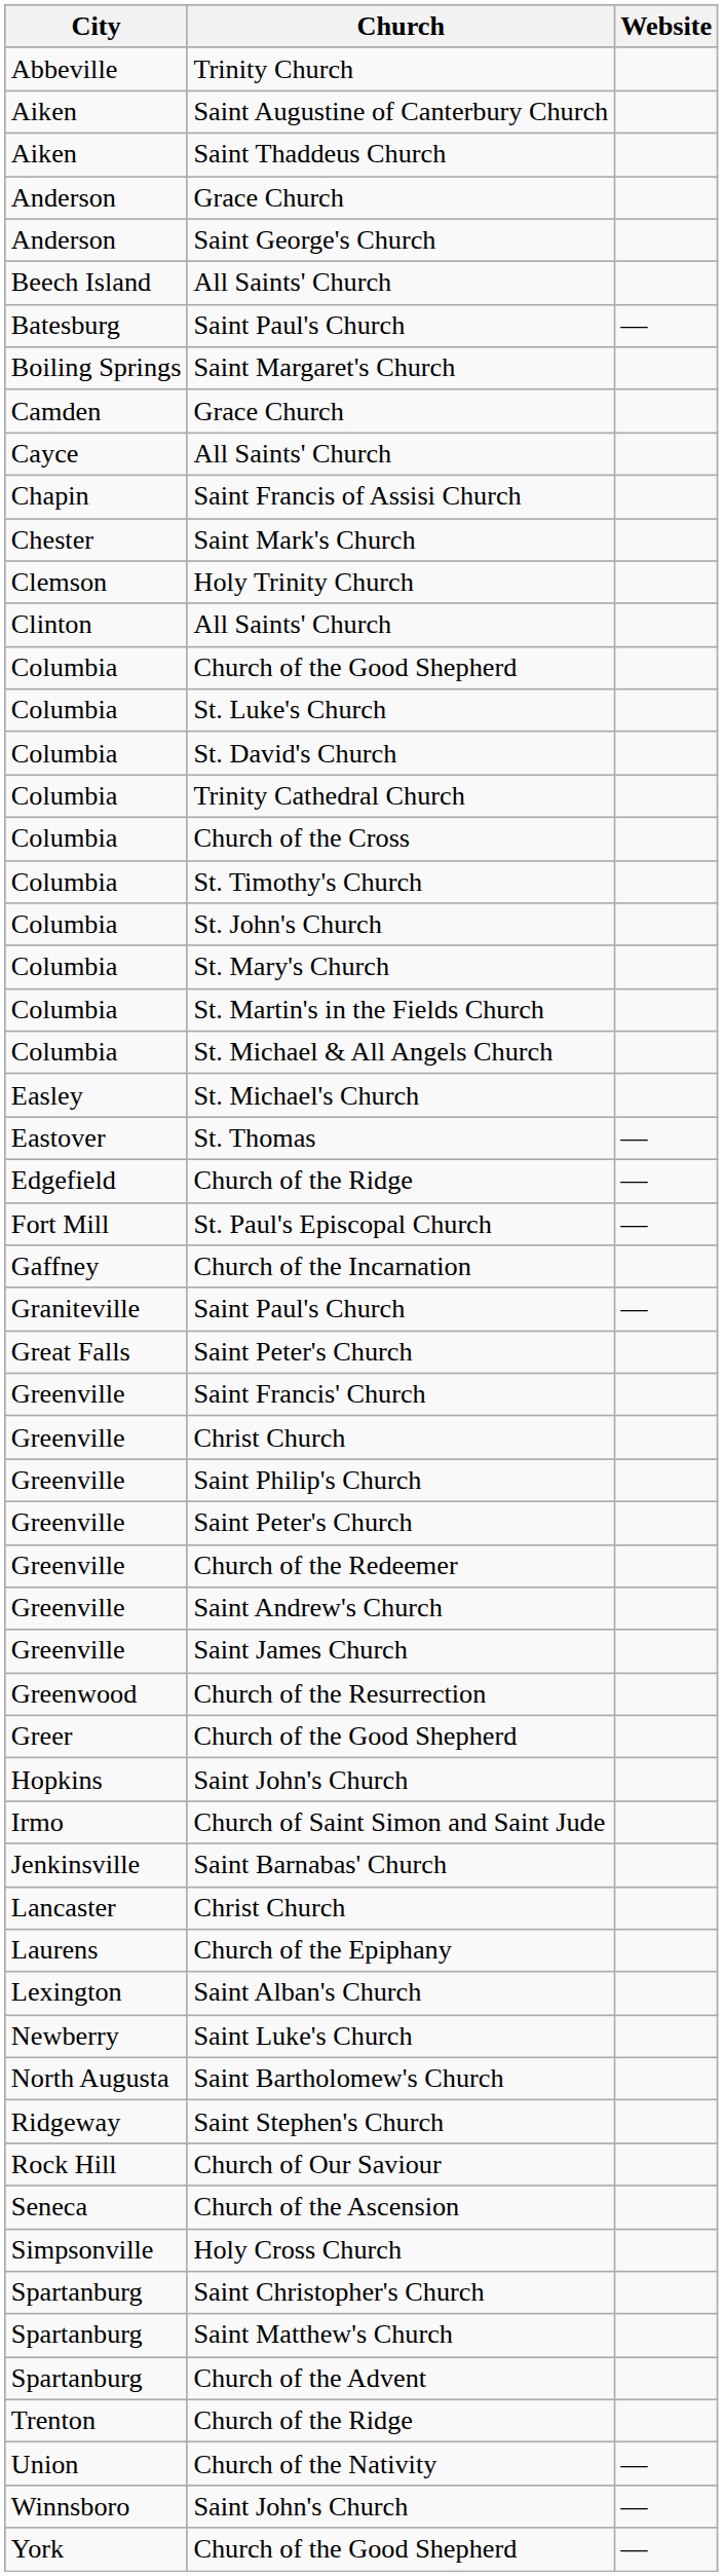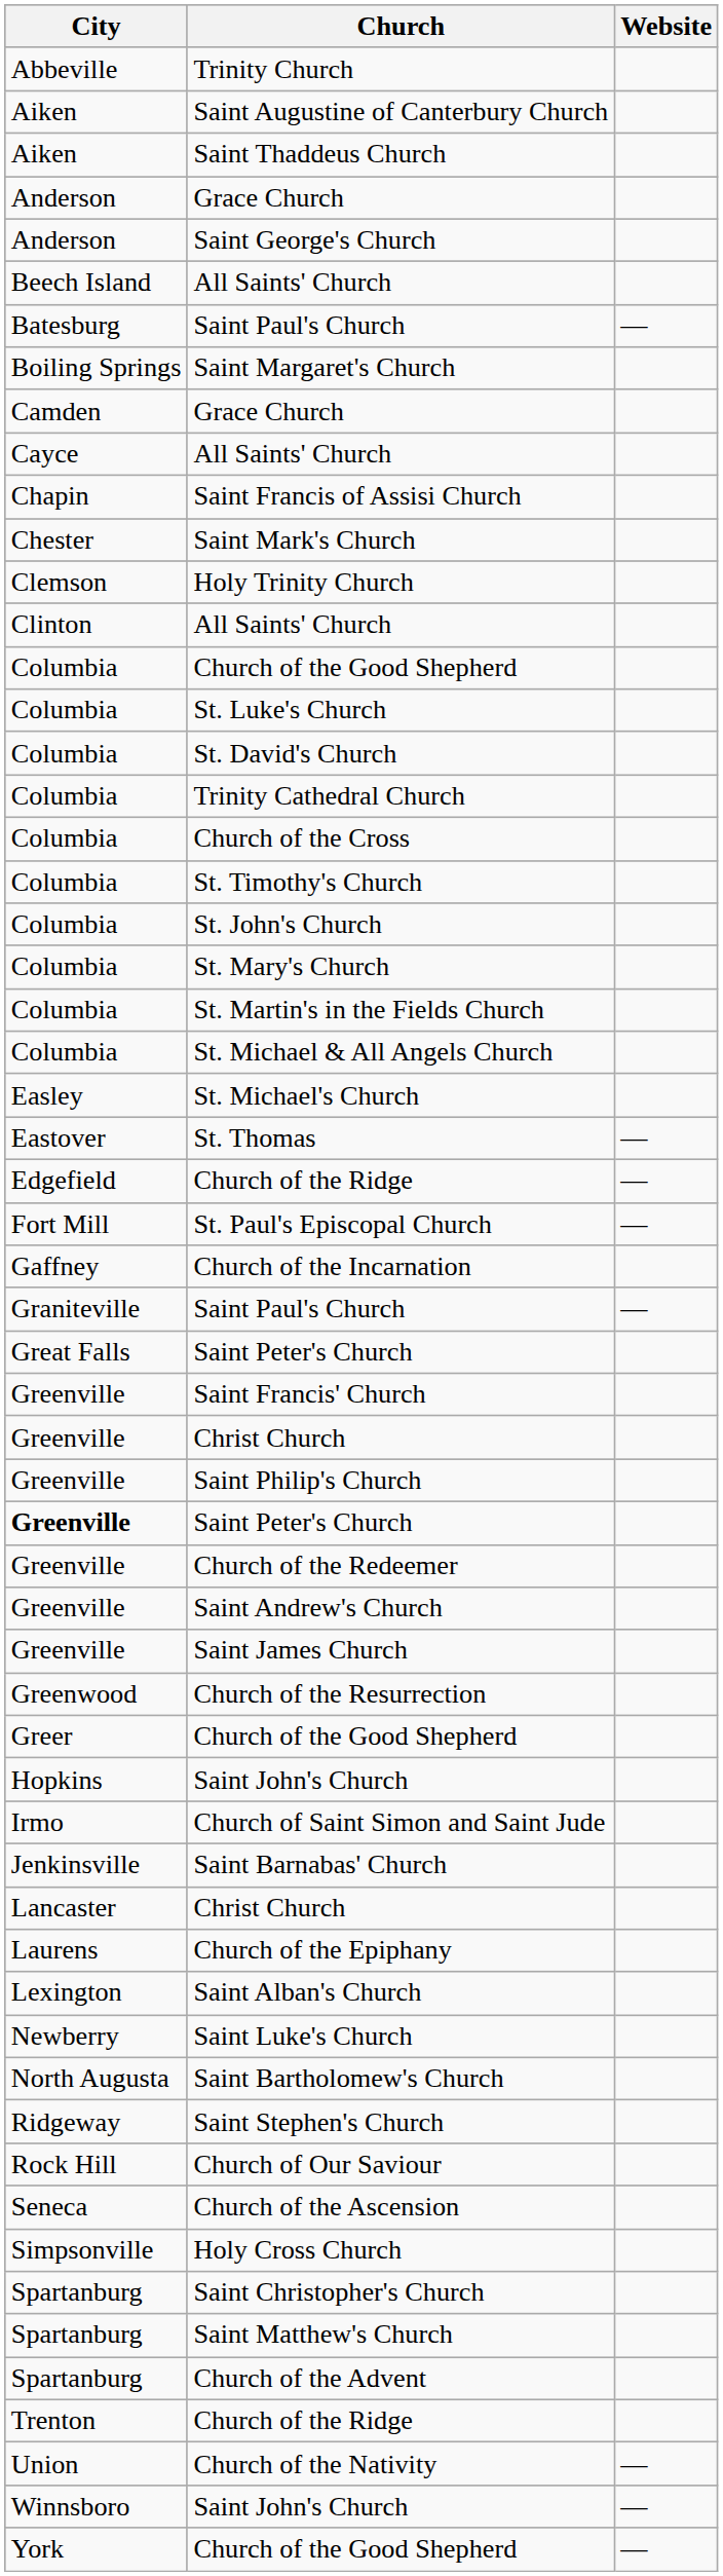 <table class="wikitable sortable">
 <tr>
 <th>City</th>
 <th>Church</th>
 <th>Website</th>
 </tr>
 <tr>
 <td>Abbeville</td>
 <td>Trinity Church</td>
 <td></td>
 </tr>
 <tr>
 <td>Aiken</td>
 <td>Saint Augustine of Canterbury Church</td>
 <td></td>
 </tr>
 <tr>
 <td>Aiken</td>
 <td>Saint Thaddeus Church</td>
 <td></td>
 </tr>
 <tr>
 <td>Anderson</td>
 <td>Grace Church</td>
 <td></td>
 </tr>
 <tr>
 <td>Anderson</td>
 <td>Saint George's Church</td>
 <td></td>
 </tr>
 <tr>
 <td>Beech Island</td>
 <td>All Saints' Church</td>
 <td></td>
 </tr>
 <tr>
 <td>Batesburg</td>
 <td>Saint Paul's Church</td>
 <td>—</td>
 </tr>
 <tr>
 <td>Boiling Springs</td>
 <td>Saint Margaret's Church</td>
 <td></td>
 </tr>
 <tr>
 <td>Camden</td>
 <td>Grace Church</td>
 <td></td>
 </tr>
 <tr>
 <td>Cayce</td>
 <td>All Saints' Church</td>
 <td></td>
 </tr>
 <tr>
 <td>Chapin</td>
 <td>Saint Francis of Assisi Church</td>
 <td></td>
 </tr>
 <tr>
 <td>Chester</td>
 <td>Saint Mark's Church</td>
 <td></td>
 </tr>
 <tr>
 <td>Clemson</td>
 <td>Holy Trinity Church</td>
 <td></td>
 </tr>
 <tr>
 <td>Clinton</td>
 <td>All Saints' Church</td>
 <td></td>
 </tr>
 <tr>
 <td>Columbia</td>
 <td>Church of the Good Shepherd</td>
 <td></td>
 </tr>
 <tr>
 <td>Columbia</td>
 <td>St. Luke's Church</td>
 <td></td>
 </tr>
 <tr>
 <td>Columbia</td>
 <td>St. David's Church</td>
 <td></td>
 </tr>
 <tr>
 <td>Columbia</td>
 <td>Trinity Cathedral Church</td>
 <td></td>
 </tr>
 <tr>
 <td>Columbia</td>
 <td>Church of the Cross</td>
 <td></td>
 </tr>
 <tr>
 <td>Columbia</td>
 <td>St. Timothy's Church</td>
 <td></td>
 </tr>
 <tr>
 <td>Columbia</td>
 <td>St. John's Church</td>
 <td></td>
 </tr>
 <tr>
 <td>Columbia</td>
 <td>St. Mary's Church</td>
 <td></td>
 </tr>
 <tr>
 <td>Columbia</td>
 <td>St. Martin's in the Fields Church</td>
 <td></td>
 </tr>
 <tr>
 <td>Columbia</td>
 <td>St. Michael & All Angels Church</td>
 <td></td>
 </tr>
 <tr>
 <td>Easley</td>
 <td>St. Michael's Church</td>
 <td></td>
 </tr>
 <tr>
 <td>Eastover</td>
 <td>St. Thomas</td>
 <td>—</td>
 </tr>
 <tr>
 <td>Edgefield</td>
 <td>Church of the Ridge</td>
 <td>—</td>
 </tr>
 <tr>
 <td>Fort Mill</td>
 <td>St. Paul's Episcopal Church</td>
 <td>—</td>
 </tr>
 <tr>
 <td>Gaffney</td>
 <td>Church of the Incarnation</td>
 <td></td>
 </tr>
 <tr>
 <td>Graniteville</td>
 <td>Saint Paul's Church</td>
 <td>—</td>
 </tr>
 <tr>
 <td>Great Falls</td>
 <td>Saint Peter's Church</td>
 <td></td>
 </tr>
 <tr>
 <td>Greenville</td>
 <td>Saint Francis' Church</td>
 <td></td>
 </tr>
 <tr>
 <td>Greenville</td>
 <td>Christ Church</td>
 <td></td>
 </tr>
 <tr>
 <td>Greenville</td>
 <td>Saint Philip's Church</td>
 <td></td>
 </tr>
 <tr>
-<td>Greenville</td>
+<td><strong>Greenville</strong></td>
 <td>Saint Peter's Church</td>
 <td></td>
 </tr>
 <tr>
 <td>Greenville</td>
 <td>Church of the Redeemer</td>
 <td></td>
 </tr>
 <tr>
 <td>Greenville</td>
 <td>Saint Andrew's Church</td>
 <td></td>
 </tr>
 <tr>
 <td>Greenville</td>
 <td>Saint James Church</td>
 <td></td>
 </tr>
 <tr>
 <td>Greenwood</td>
 <td>Church of the Resurrection</td>
 <td></td>
 </tr>
 <tr>
 <td>Greer</td>
 <td>Church of the Good Shepherd</td>
 <td></td>
 </tr>
 <tr>
 <td>Hopkins</td>
 <td>Saint John's Church</td>
 <td></td>
 </tr>
 <tr>
 <td>Irmo</td>
 <td>Church of Saint Simon and Saint Jude</td>
 <td></td>
 </tr>
 <tr>
 <td>Jenkinsville</td>
 <td>Saint Barnabas' Church</td>
 <td></td>
 </tr>
 <tr>
 <td>Lancaster</td>
 <td>Christ Church</td>
 <td></td>
 </tr>
 <tr>
 <td>Laurens</td>
 <td>Church of the Epiphany</td>
 <td></td>
 </tr>
 <tr>
 <td>Lexington</td>
 <td>Saint Alban's Church</td>
 <td></td>
 </tr>
 <tr>
 <td>Newberry</td>
 <td>Saint Luke's Church</td>
 <td></td>
 </tr>
 <tr>
 <td>North Augusta</td>
 <td>Saint Bartholomew's Church</td>
 <td></td>
 </tr>
 <tr>
 <td>Ridgeway</td>
 <td>Saint Stephen's Church</td>
 <td></td>
 </tr>
 <tr>
 <td>Rock Hill</td>
 <td>Church of Our Saviour</td>
 <td></td>
 </tr>
 <tr>
 <td>Seneca</td>
 <td>Church of the Ascension</td>
 <td></td>
 </tr>
 <tr>
 <td>Simpsonville</td>
 <td>Holy Cross Church</td>
 <td></td>
 </tr>
 <tr>
 <td>Spartanburg</td>
 <td>Saint Christopher's Church</td>
 <td></td>
 </tr>
 <tr>
 <td>Spartanburg</td>
 <td>Saint Matthew's Church</td>
 <td></td>
 </tr>
 <tr>
 <td>Spartanburg</td>
 <td>Church of the Advent</td>
 <td></td>
 </tr>
 <tr>
 <td>Trenton</td>
 <td>Church of the Ridge</td>
 <td></td>
 </tr>
 <tr>
 <td>Union</td>
 <td>Church of the Nativity</td>
 <td>—</td>
 </tr>
 <tr>
 <td>Winnsboro</td>
 <td>Saint John's Church</td>
 <td>—</td>
 </tr>
 <tr>
 <td>York</td>
 <td>Church of the Good Shepherd</td>
 <td>—</td>
 </tr>
 </table>
